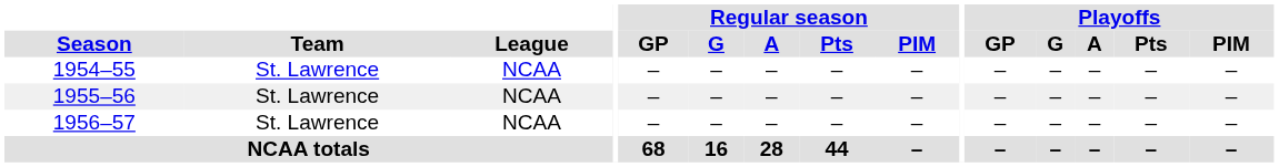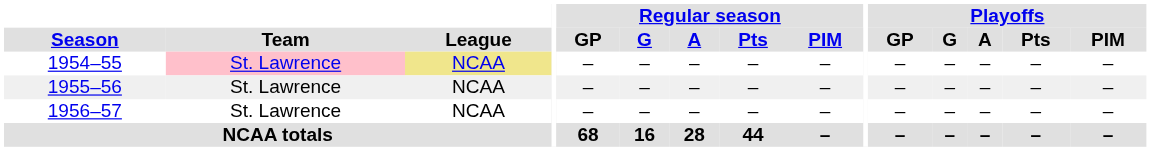 <table border="0" cellpadding="1" cellspacing="0" style="text-align:center; width:60em">
 <tr bgcolor="#e0e0e0">
 <th colspan="3" bgcolor="#ffffff"></th>
 <th rowspan="102" bgcolor="#ffffff"></th>
 <th colspan="5"><a href='#'>Regular season</a></th>
 <th rowspan="102" bgcolor="#ffffff"></th>
 <th colspan="5"><a href='#'>Playoffs</a></th>
 </tr>
 <tr bgcolor="#e0e0e0">
 <th><a href='#'>Season</a></th>
 <th>Team</th>
 <th>League</th>
 <th>GP</th>
 <th><a href='#'>G</a></th>
 <th><a href='#'>A</a></th>
 <th><a href='#'>Pts</a></th>
 <th><a href='#'>PIM</a></th>
 <th>GP</th>
 <th>G</th>
 <th>A</th>
 <th>Pts</th>
 <th>PIM</th>
 </tr>
 <tr ALIGN="center">
 <td><a href='#'>1954–55</a></td>
-<td><a href='#'>St. Lawrence</a></td>
-<td><a href='#'>NCAA</a></td>
+<td style="background: pink;"><a href='#'>St. Lawrence</a></td>
+<td style="background: khaki;"><a href='#'>NCAA</a></td>
 <td>–</td>
 <td>–</td>
 <td>–</td>
 <td>–</td>
 <td>–</td>
 <td>–</td>
 <td>–</td>
 <td>–</td>
 <td>–</td>
 <td>–</td>
 </tr>
 <tr bgcolor="#f0f0f0">
 <td><a href='#'>1955–56</a></td>
 <td>St. Lawrence</td>
 <td>NCAA</td>
 <td>–</td>
 <td>–</td>
 <td>–</td>
 <td>–</td>
 <td>–</td>
 <td>–</td>
 <td>–</td>
 <td>–</td>
 <td>–</td>
 <td>–</td>
 </tr>
 <tr>
 <td><a href='#'>1956–57</a></td>
 <td>St. Lawrence</td>
 <td>NCAA</td>
 <td>–</td>
 <td>–</td>
 <td>–</td>
 <td>–</td>
 <td>–</td>
 <td>–</td>
 <td>–</td>
 <td>–</td>
 <td>–</td>
 <td>–</td>
 </tr>
 <tr ALIGN="center">
 </tr>
 <tr bgcolor="#e0e0e0">
 <th colspan="3">NCAA totals</th>
 <th>68</th>
 <th>16</th>
 <th>28</th>
 <th>44</th>
 <th>–</th>
 <th>–</th>
 <th>–</th>
 <th>–</th>
 <th>–</th>
 <th>–</th>
 </tr>
 </table>
